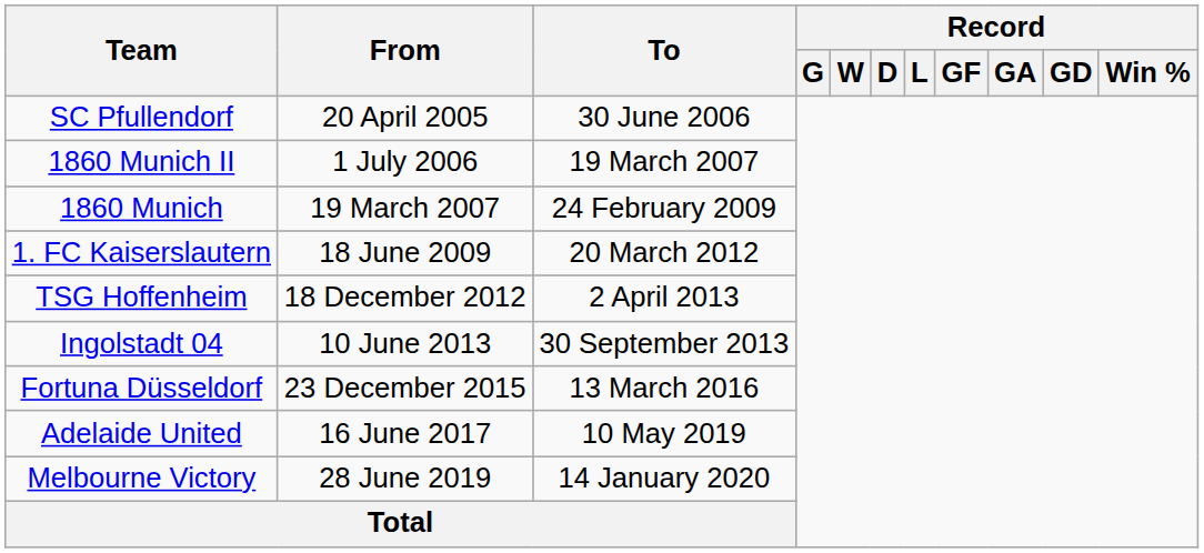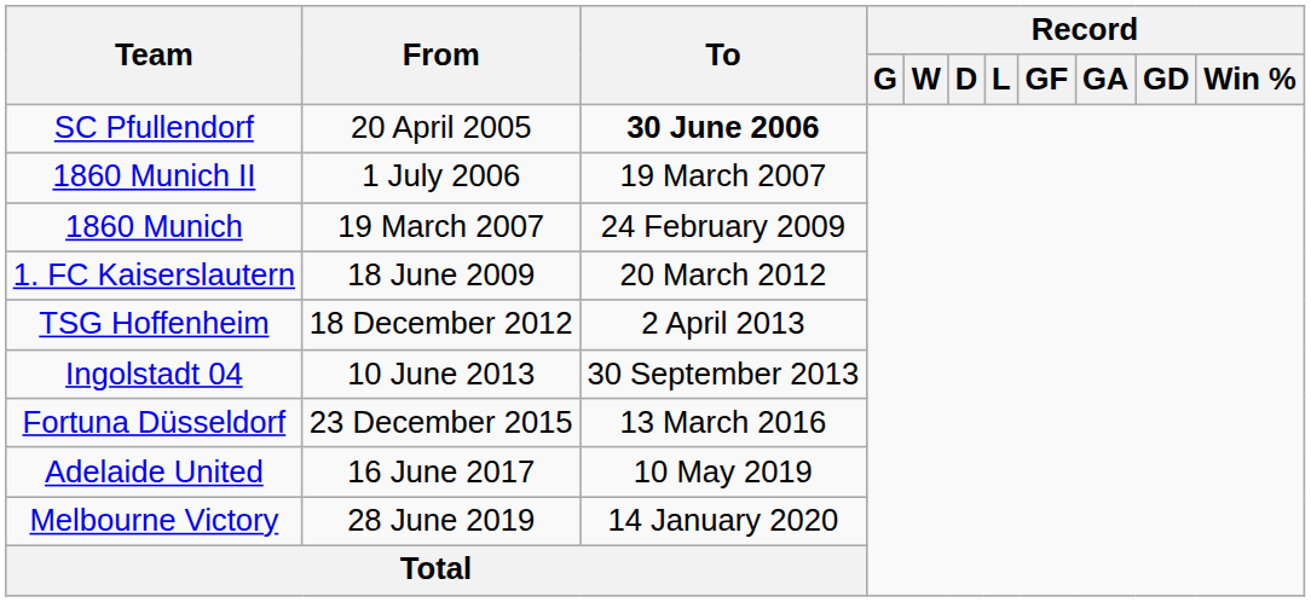 <table class="wikitable" style="text-align: center">
 <tr>
 <th rowspan="2">Team</th>
 <th rowspan="2">From</th>
 <th rowspan="2">To</th>
 <th colspan="8">Record</th>
 </tr>
 <tr>
 <th>G</th>
 <th>W</th>
 <th>D</th>
 <th>L</th>
 <th>GF</th>
 <th>GA</th>
 <th>GD</th>
 <th>Win %</th>
 </tr>
 <tr>
 <td><a href='#'>SC Pfullendorf</a></td>
 <td>20 April 2005</td>
-<td>30 June 2006<br></td>
+<td><strong>30 June 2006<br></strong></td>
 </tr>
 <tr>
 <td><a href='#'>1860 Munich II</a></td>
 <td>1 July 2006</td>
 <td>19 March 2007<br></td>
 </tr>
 <tr>
 <td><a href='#'>1860 Munich</a></td>
 <td>19 March 2007</td>
 <td>24 February 2009<br></td>
 </tr>
 <tr>
 <td><a href='#'>1. FC Kaiserslautern</a></td>
 <td>18 June 2009</td>
 <td>20 March 2012<br></td>
 </tr>
 <tr>
 <td><a href='#'>TSG Hoffenheim</a></td>
 <td>18 December 2012</td>
 <td>2 April 2013<br></td>
 </tr>
 <tr>
 <td><a href='#'>Ingolstadt 04</a></td>
 <td>10 June 2013</td>
 <td>30 September 2013<br></td>
 </tr>
 <tr>
 <td><a href='#'>Fortuna Düsseldorf</a></td>
 <td>23 December 2015</td>
 <td>13 March 2016<br></td>
 </tr>
 <tr>
 <td><a href='#'>Adelaide United</a></td>
 <td>16 June 2017</td>
 <td>10 May 2019<br></td>
 </tr>
 <tr>
 <td><a href='#'>Melbourne Victory</a></td>
 <td>28 June 2019</td>
 <td>14 January 2020<br></td>
 </tr>
 <tr>
 <th colspan="3">Total<br></th>
 </tr>
 </table>
